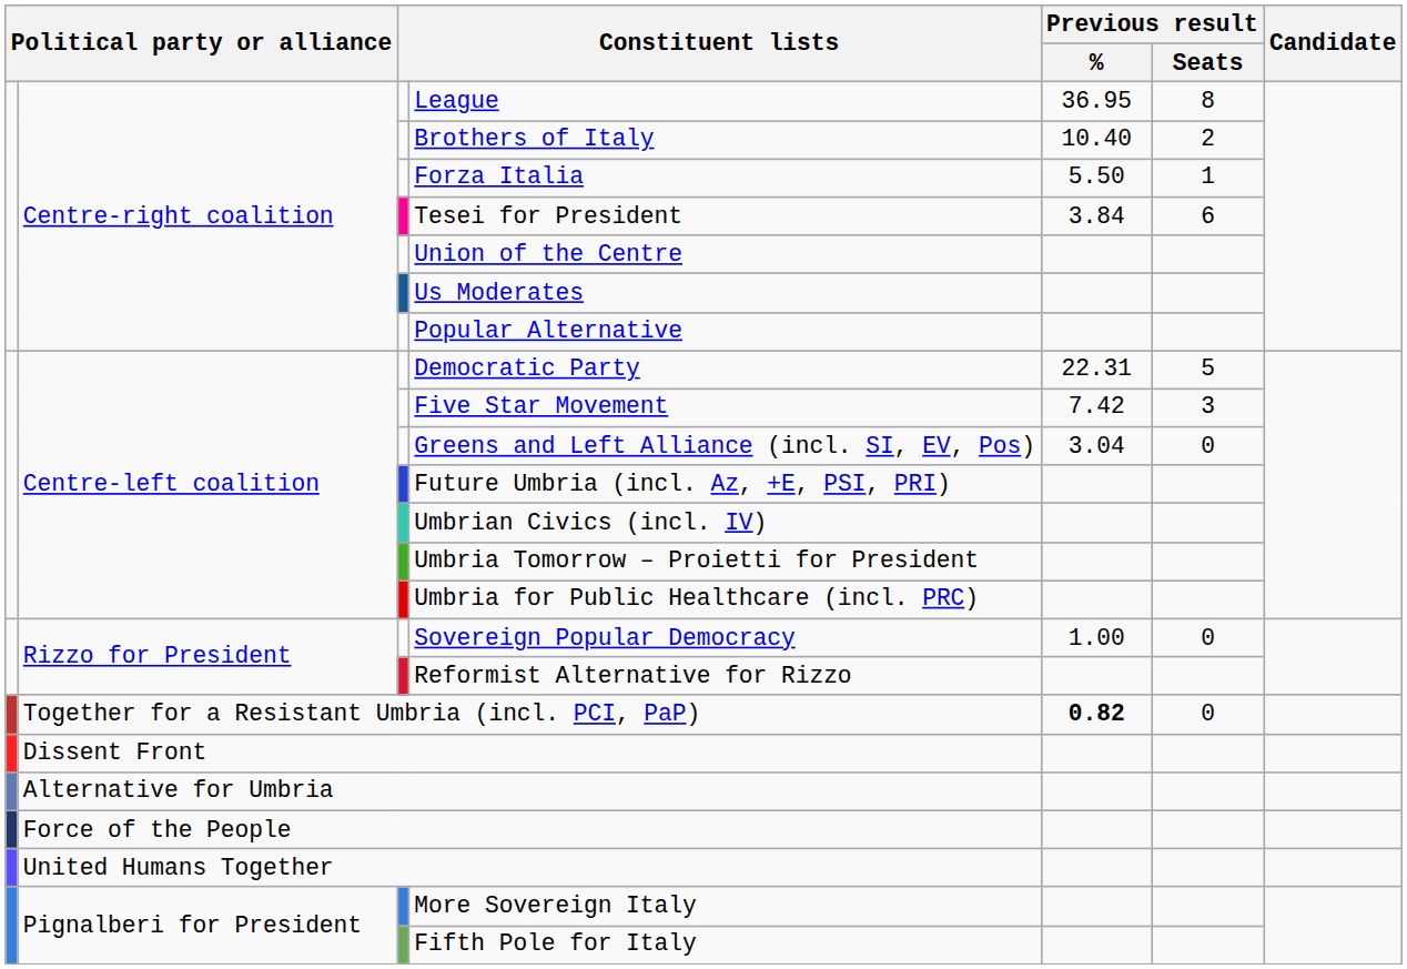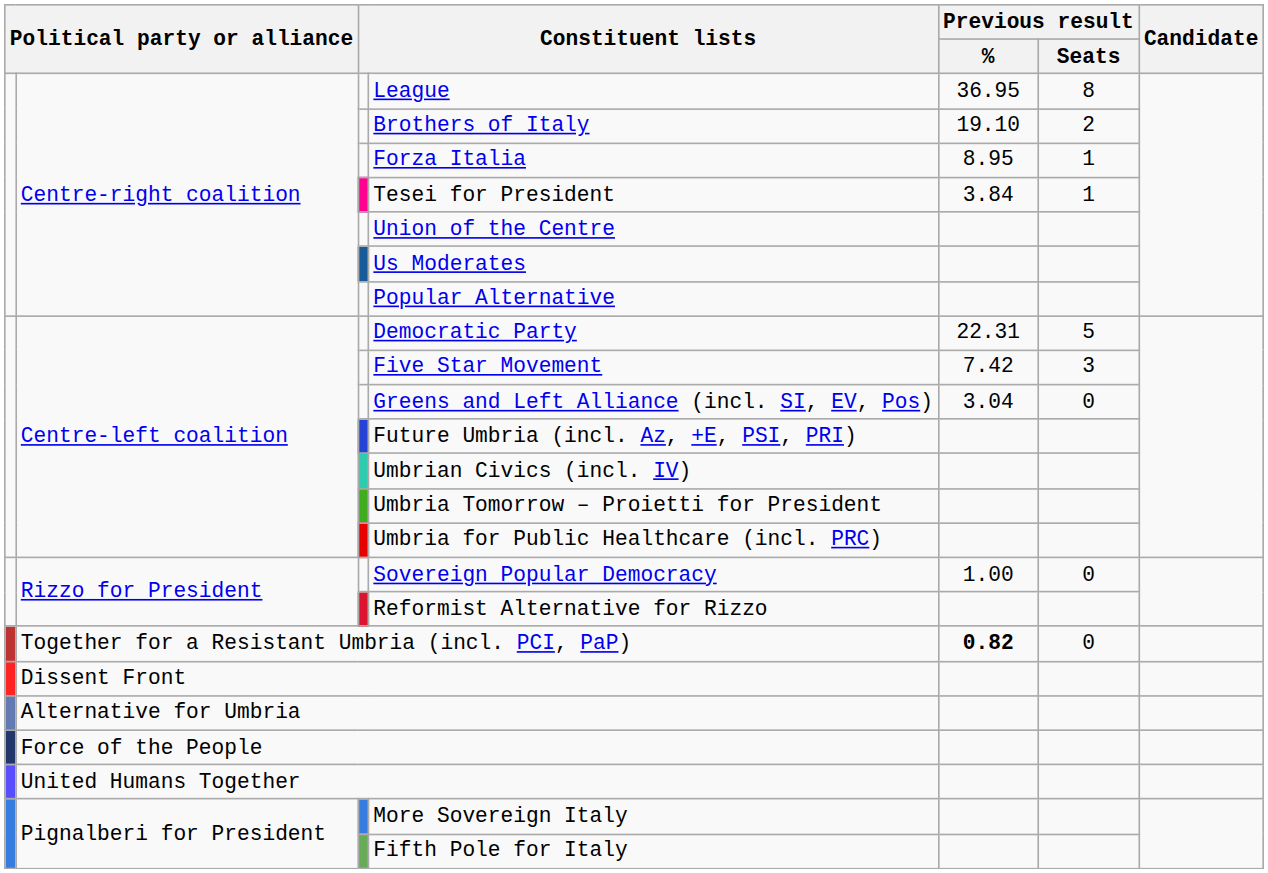 <table class=wikitable style=text-align:left>
 <tr>
 <th colspan=2 rowspan="2">Political party or alliance</th>
 <th colspan=2 rowspan="2">Constituent lists</th>
 <th colspan="2">Previous result</th>
 <th colspan="2" rowspan="2">Candidate</th>
 </tr>
 <tr>
 <th>%</th>
 <th>Seats</th>
 </tr>
 <tr>
 <td rowspan="7" style="background:"></td>
 <td rowspan=7><a href='#'>Centre-right coalition</a></td>
 <td></td>
 <td style="text-align:left;"><a href='#'>League</a></td>
 <td align=center>36.95</td>
 <td align=center>8</td>
 <td rowspan="7"></td>
 </tr>
 <tr>
 <td></td>
 <td style="text-align:left;"><a href='#'>Brothers of Italy</a></td>
-<td align=center>10.40</td>
+<td align=center>19.10</td>
 <td align=center>2</td>
 </tr>
 <tr>
 <td></td>
 <td style="text-align:left;"><a href='#'>Forza Italia</a></td>
-<td align=center>5.50</td>
+<td align=center>8.95</td>
 <td align=center>1</td>
 </tr>
 <tr>
 <td bgcolor="#FF0090"></td>
 <td style="text-align:left;">Tesei for President</td>
 <td align=center>3.84</td>
-<td align=center>6</td>
+<td align=center>1</td>
 </tr>
 <tr>
 <td></td>
 <td style="text-align:left;"><a href='#'>Union of the Centre</a></td>
 <td></td>
 <td></td>
 </tr>
 <tr>
 <td style="background-color:#175b9a "></td>
 <td style="text-align:left;"><a href='#'>Us Moderates</a></td>
 <td></td>
 <td></td>
 </tr>
 <tr>
 <td></td>
 <td style="text-align:left;"><a href='#'>Popular Alternative</a></td>
 <td></td>
 <td></td>
 </tr>
 <tr>
 <td rowspan="7"></td>
 <td rowspan=7><a href='#'>Centre-left coalition</a></td>
 <td></td>
 <td style="text-align:left;"><a href='#'>Democratic Party</a></td>
 <td style="text-align:center;">22.31</td>
 <td style="text-align:center;">5</td>
 <td rowspan="7"></td>
 </tr>
 <tr>
 <td style="background-color:"></td>
 <td><a href='#'>Five Star Movement</a></td>
 <td align=center>7.42</td>
 <td align=center>3</td>
 </tr>
 <tr>
 <td style="background-color:"></td>
 <td><a href='#'>Greens and Left Alliance</a> (incl. <a href='#'>SI</a>, <a href='#'>EV</a>, <a href='#'>Pos</a>)</td>
 <td align=center>3.04</td>
 <td align=center>0</td>
 </tr>
 <tr>
 <td style="background-color:#2543D6"></td>
 <td>Future Umbria (incl. <a href='#'>Az</a>, <a href='#'>+E</a>, <a href='#'>PSI</a>, <a href='#'>PRI</a>)</td>
 <td></td>
 <td></td>
 </tr>
 <tr>
 <td style="background-color:#2ECCAE"></td>
 <td>Umbrian Civics (incl. <a href='#'>IV</a>)</td>
 <td></td>
 <td></td>
 </tr>
 <tr>
 <td style="background-color:#3FAD1E"></td>
 <td>Umbria Tomorrow – Proietti for President</td>
 <td></td>
 <td></td>
 </tr>
 <tr>
 <td style="background-color:#E60000"></td>
 <td>Umbria for Public Healthcare (incl. <a href='#'>PRC</a>)</td>
 <td></td>
 <td></td>
 </tr>
 <tr>
 <td rowspan="2" style="background:"></td>
 <td rowspan=2><a href='#'>Rizzo for President</a></td>
 <td></td>
 <td style="text-align:left;"><a href='#'>Sovereign Popular Democracy</a></td>
 <td style="text-align:center;">1.00</td>
 <td style="text-align:center;">0</td>
 <td rowspan="2"></td>
 </tr>
 <tr>
 <td style="background-color:#DC142F"></td>
 <td>Reformist Alternative for Rizzo</td>
 <td></td>
 <td></td>
 </tr>
 <tr>
 <td style="background-color:#bc3331"></td>
 <td colspan="3">Together for a Resistant Umbria (incl. <a href='#'>PCI</a>, <a href='#'>PaP</a>)</td>
 <td style="text-align:center;"><strong>0.82</strong></td>
 <td style="text-align:center;">0</td>
 <td></td>
 </tr>
 <tr>
 <td style="background-color:#FF2323"></td>
 <td colspan="3">Dissent Front</td>
 <td></td>
 <td></td>
 <td></td>
 </tr>
 <tr>
 <td style="background-color:#6379B2"></td>
 <td colspan="3">Alternative for Umbria</td>
 <td></td>
 <td></td>
 <td></td>
 </tr>
 <tr>
 <td style="background-color:#22366b"></td>
 <td colspan="3">Force of the People</td>
 <td></td>
 <td></td>
 <td></td>
 </tr>
 <tr>
 <td style="background-color:#594EFF"></td>
 <td colspan="3">United Humans Together</td>
 <td></td>
 <td></td>
 <td></td>
 </tr>
 <tr>
 <td rowspan="2" style="background-color:#377CDF"></td>
 <td rowspan=2>Pignalberi for President</td>
 <td style="background-color:#377CDF"></td>
 <td>More Sovereign Italy</td>
 <td></td>
 <td></td>
 <td rowspan="2"></td>
 </tr>
 <tr>
 <td style="background-color:#67AA58"></td>
 <td style="text-align:left;">Fifth Pole for Italy</td>
 <td></td>
 <td></td>
 </tr>
 </table>
